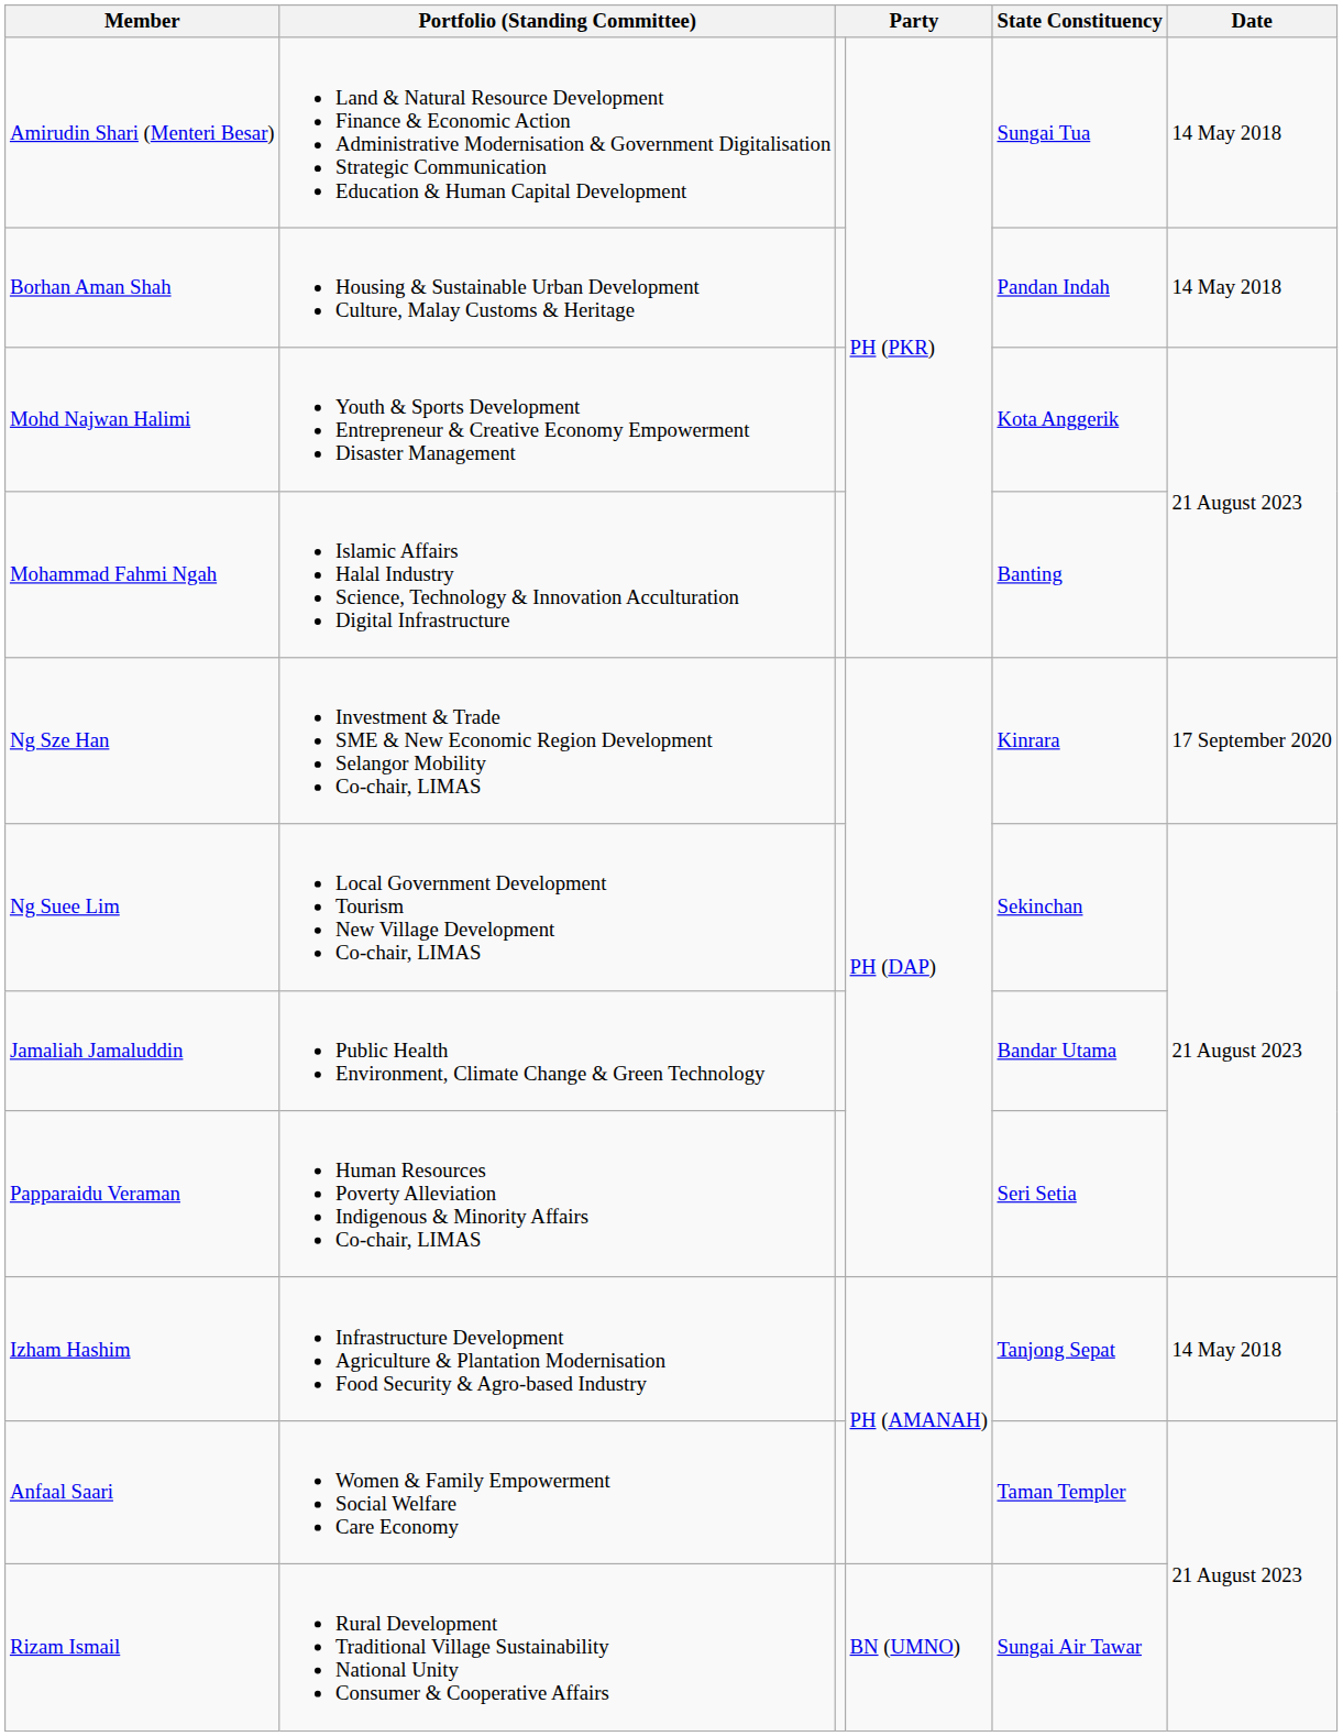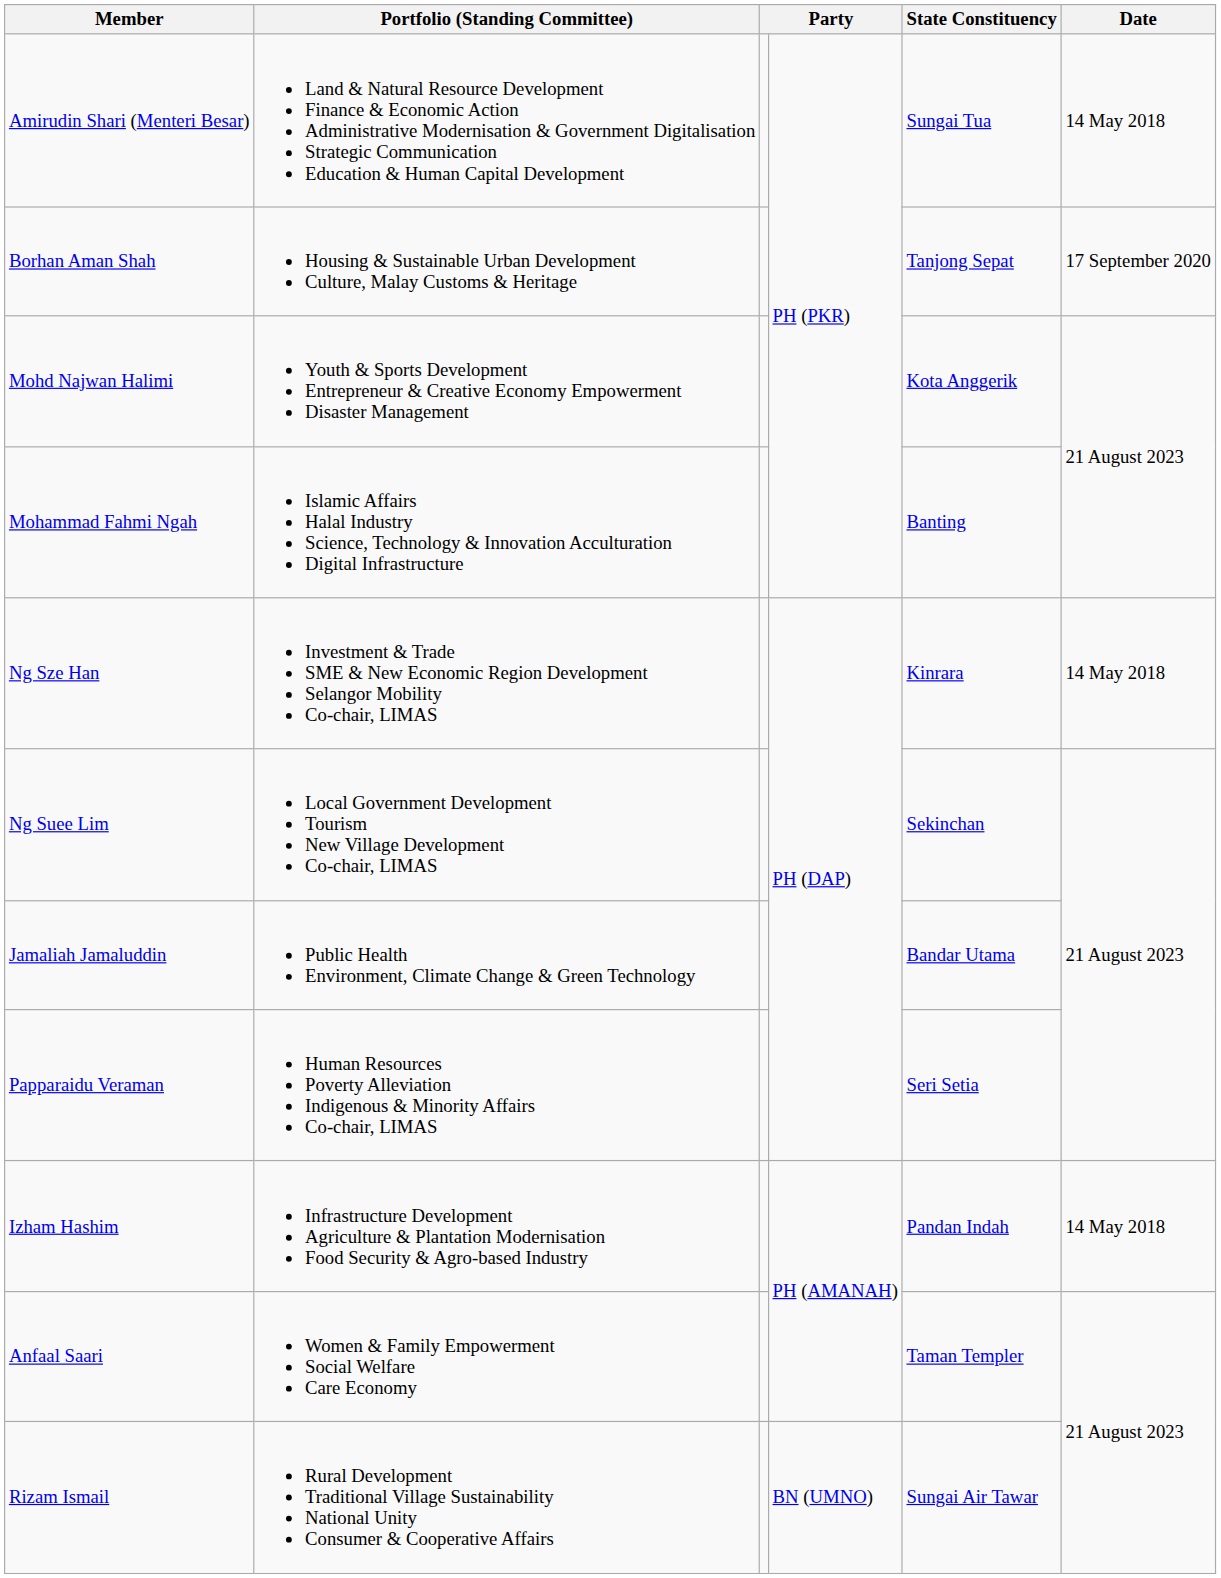 <table class="wikitable">
 <tr>
 <th>Member</th>
 <th>Portfolio (Standing Committee)</th>
 <th colspan=2>Party</th>
 <th>State Constituency</th>
 <th>Date</th>
 </tr>
 <tr>
 <td><a href='#'>Amirudin Shari</a> (<a href='#'>Menteri Besar</a>)</td>
 <td><br><ul><li>Land & Natural Resource Development</li><li>Finance & Economic Action</li><li>Administrative Modernisation & Government Digitalisation</li><li>Strategic Communication</li><li>Education & Human Capital Development</li></ul></td>
 <td></td>
 <td rowspan="4"><a href='#'>PH</a> (<a href='#'>PKR</a>)</td>
 <td><a href='#'>Sungai Tua</a></td>
 <td>14 May 2018</td>
 </tr>
 <tr>
 <td><a href='#'>Borhan Aman Shah</a></td>
 <td><br><ul><li>Housing & Sustainable Urban Development</li><li>Culture, Malay Customs & Heritage</li></ul></td>
 <td></td>
-<td><a href='#'>Pandan Indah</a></td>
-<td>14 May 2018</td>
+<td><a href='#'>Tanjong Sepat</a></td>
+<td>17 September 2020</td>
 </tr>
 <tr>
 <td><a href='#'>Mohd Najwan Halimi</a></td>
 <td><br><ul><li>Youth & Sports Development</li><li>Entrepreneur & Creative Economy Empowerment</li><li>Disaster Management</li></ul></td>
 <td></td>
 <td><a href='#'>Kota Anggerik</a></td>
 <td rowspan="2">21 August 2023</td>
 </tr>
 <tr>
 <td><a href='#'>Mohammad Fahmi Ngah</a></td>
 <td><br><ul><li>Islamic Affairs</li><li>Halal Industry</li><li>Science, Technology & Innovation Acculturation</li><li>Digital Infrastructure</li></ul></td>
 <td></td>
 <td><a href='#'>Banting</a></td>
 </tr>
 <tr>
 <td><a href='#'>Ng Sze Han</a></td>
 <td><br><ul><li>Investment & Trade</li><li>SME & New Economic Region Development</li><li>Selangor Mobility</li><li>Co-chair, LIMAS</li></ul></td>
 <td></td>
 <td rowspan="4"><a href='#'>PH</a> (<a href='#'>DAP</a>)</td>
 <td><a href='#'>Kinrara</a></td>
-<td>17 September 2020</td>
+<td>14 May 2018</td>
 </tr>
 <tr>
 <td><a href='#'>Ng Suee Lim</a></td>
 <td><br><ul><li>Local Government Development</li><li>Tourism</li><li>New Village Development</li><li>Co-chair, LIMAS</li></ul></td>
 <td></td>
 <td><a href='#'>Sekinchan</a></td>
 <td rowspan="3">21 August 2023</td>
 </tr>
 <tr>
 <td><a href='#'>Jamaliah Jamaluddin</a></td>
 <td><br><ul><li>Public Health</li><li>Environment, Climate Change & Green Technology</li></ul></td>
 <td></td>
 <td><a href='#'>Bandar Utama</a></td>
 </tr>
 <tr>
 <td><a href='#'>Papparaidu Veraman</a></td>
 <td><br><ul><li>Human Resources</li><li>Poverty Alleviation</li><li>Indigenous & Minority Affairs</li><li>Co-chair, LIMAS</li></ul></td>
 <td></td>
 <td><a href='#'>Seri Setia</a></td>
 </tr>
 <tr>
 <td><a href='#'>Izham Hashim</a></td>
 <td><br><ul><li>Infrastructure Development</li><li>Agriculture & Plantation Modernisation</li><li>Food Security & Agro-based Industry</li></ul></td>
 <td></td>
 <td rowspan="2"><a href='#'>PH</a> (<a href='#'>AMANAH</a>)</td>
-<td><a href='#'>Tanjong Sepat</a></td>
+<td><a href='#'>Pandan Indah</a></td>
 <td>14 May 2018</td>
 </tr>
 <tr>
 <td><a href='#'>Anfaal Saari</a></td>
 <td><br><ul><li>Women & Family Empowerment</li><li>Social Welfare</li><li>Care Economy</li></ul></td>
 <td></td>
 <td><a href='#'>Taman Templer</a></td>
 <td rowspan="2">21 August 2023</td>
 </tr>
 <tr>
 <td><a href='#'>Rizam Ismail</a></td>
 <td><br><ul><li>Rural Development</li><li>Traditional Village Sustainability</li><li>National Unity</li><li>Consumer & Cooperative Affairs</li></ul></td>
 <td></td>
 <td><a href='#'>BN</a> (<a href='#'>UMNO</a>)</td>
 <td><a href='#'>Sungai Air Tawar</a></td>
 </tr>
 </table>
